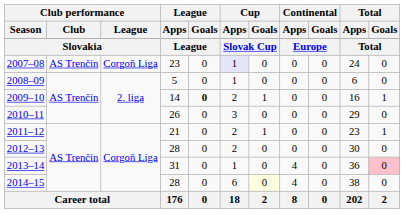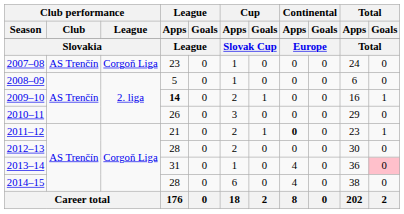 <table class="wikitable" style="text-align:center">
 <tr>
 <th colspan=3>Club performance</th>
 <th colspan=2>League</th>
 <th colspan=2>Cup</th>
 <th colspan=2>Continental</th>
 <th colspan=2>Total</th>
 </tr>
 <tr>
 <th>Season</th>
 <th>Club</th>
 <th>League</th>
 <th>Apps</th>
 <th>Goals</th>
 <th>Apps</th>
 <th>Goals</th>
 <th>Apps</th>
 <th>Goals</th>
 <th>Apps</th>
 <th>Goals</th>
 </tr>
 <tr>
 </tr>
 <tr>
 <th colspan=3>Slovakia</th>
 <th colspan=2>League</th>
 <th colspan=2><a href='#'>Slovak Cup</a></th>
 <th colspan=2><a href='#'>Europe</a></th>
 <th colspan=2>Total</th>
 </tr>
 <tr>
 <td><a href='#'>2007–08</a></td>
 <td rowspan="1"><a href='#'>AS Trenčín</a></td>
 <td rowspan="1"><a href='#'>Corgoň Liga</a></td>
 <td>23</td>
 <td>0</td>
-<td style="background: lavender;">1</td>
+<td>1</td>
 <td>0</td>
 <td>0</td>
 <td>0</td>
 <td>24</td>
 <td>0</td>
 </tr>
 <tr>
 <td><a href='#'>2008–09</a></td>
 <td rowspan="3"><a href='#'>AS Trenčín</a></td>
 <td rowspan="3"><a href='#'>2. liga</a></td>
 <td>5</td>
 <td>0</td>
 <td>1</td>
 <td>0</td>
 <td>0</td>
 <td>0</td>
 <td>6</td>
 <td>0</td>
 </tr>
 <tr>
 <td><a href='#'>2009–10</a></td>
-<td>14</td>
-<td><strong>0</strong></td>
+<td><strong>14</strong></td>
+<td>0</td>
 <td>2</td>
 <td>1</td>
 <td>0</td>
 <td>0</td>
 <td>16</td>
 <td>1</td>
 </tr>
 <tr>
 <td><a href='#'>2010–11</a></td>
 <td>26</td>
 <td>0</td>
 <td>3</td>
 <td>0</td>
 <td>0</td>
 <td>0</td>
 <td>29</td>
 <td>0</td>
 </tr>
 <tr>
 <td><a href='#'>2011–12</a></td>
 <td rowspan="4"><a href='#'>AS Trenčín</a></td>
 <td rowspan="4"><a href='#'>Corgoň Liga</a></td>
 <td>21</td>
 <td>0</td>
 <td>2</td>
 <td>1</td>
-<td>0</td>
+<td><strong>0</strong></td>
 <td>0</td>
 <td>23</td>
 <td>1</td>
 </tr>
 <tr>
 <td><a href='#'>2012–13</a></td>
 <td>28</td>
 <td>0</td>
 <td>2</td>
 <td>0</td>
 <td>0</td>
 <td>0</td>
 <td>30</td>
 <td>0</td>
 </tr>
 <tr>
 <td><a href='#'>2013–14</a></td>
 <td>31</td>
 <td>0</td>
 <td>1</td>
 <td>0</td>
 <td>4</td>
 <td>0</td>
 <td>36</td>
 <td style="background: pink;">0</td>
 </tr>
 <tr>
 <td><a href='#'>2014–15</a></td>
 <td>28</td>
 <td>0</td>
 <td>6</td>
-<td style="background: lightyellow;">0</td>
+<td>0</td>
 <td>4</td>
 <td>0</td>
 <td>38</td>
 <td>0</td>
 </tr>
 <tr>
 <th colspan=3>Career total</th>
 <th>176</th>
 <th>0</th>
 <th>18</th>
 <th>2</th>
 <th>8</th>
 <th>0</th>
 <th>202</th>
 <th>2</th>
 </tr>
 </table>
